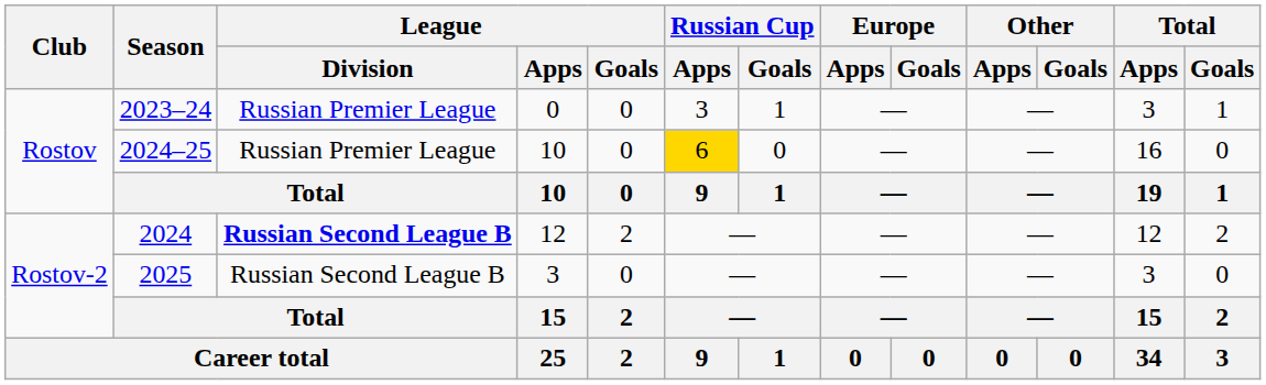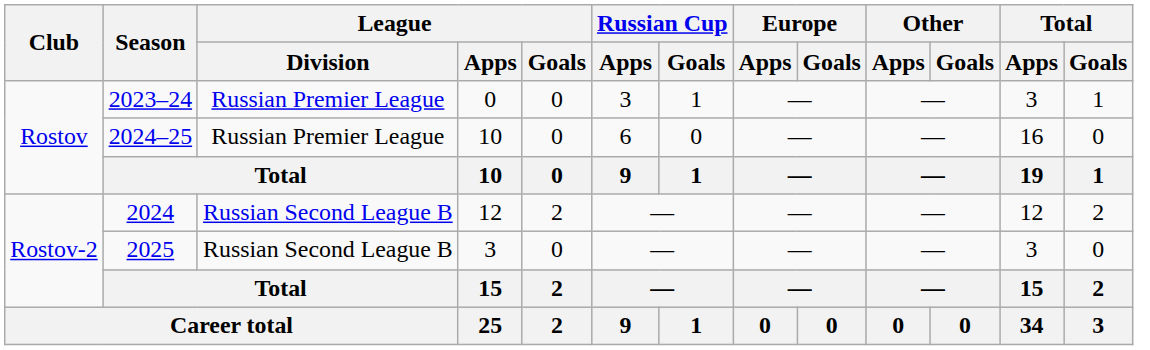 <table class="wikitable" style="text-align: center;">
 <tr>
 <th rowspan="2">Club</th>
 <th rowspan="2">Season</th>
 <th colspan="3">League</th>
 <th colspan="2"><a href='#'>Russian Cup</a></th>
 <th colspan="2">Europe</th>
 <th colspan="2">Other</th>
 <th colspan="2">Total</th>
 </tr>
 <tr>
 <th>Division</th>
 <th>Apps</th>
 <th>Goals</th>
 <th>Apps</th>
 <th>Goals</th>
 <th>Apps</th>
 <th>Goals</th>
 <th>Apps</th>
 <th>Goals</th>
 <th>Apps</th>
 <th>Goals</th>
 </tr>
 <tr>
 <td rowspan="3"><a href='#'>Rostov</a></td>
 <td><a href='#'>2023–24</a></td>
 <td><a href='#'>Russian Premier League</a></td>
 <td>0</td>
 <td>0</td>
 <td>3</td>
 <td>1</td>
 <td colspan="2">—</td>
 <td colspan="2">—</td>
 <td>3</td>
 <td>1</td>
 </tr>
 <tr>
 <td><a href='#'>2024–25</a></td>
 <td>Russian Premier League</td>
 <td>10</td>
 <td>0</td>
-<td style="background: gold;">6</td>
+<td>6</td>
 <td>0</td>
 <td colspan="2">—</td>
 <td colspan="2">—</td>
 <td>16</td>
 <td>0</td>
 </tr>
 <tr>
 <th colspan="2">Total</th>
 <th>10</th>
 <th>0</th>
 <th>9</th>
 <th>1</th>
 <th colspan="2">—</th>
 <th colspan="2">—</th>
 <th>19</th>
 <th>1</th>
 </tr>
 <tr>
 <td rowspan="3"><a href='#'>Rostov-2</a></td>
 <td><a href='#'>2024</a></td>
-<td><strong><a href='#'>Russian Second League B</a></strong></td>
+<td><a href='#'>Russian Second League B</a></td>
 <td>12</td>
 <td>2</td>
 <td colspan="2">—</td>
 <td colspan="2">—</td>
 <td colspan="2">—</td>
 <td>12</td>
 <td>2</td>
 </tr>
 <tr>
 <td><a href='#'>2025</a></td>
 <td>Russian Second League B</td>
 <td>3</td>
 <td>0</td>
 <td colspan="2">—</td>
 <td colspan="2">—</td>
 <td colspan="2">—</td>
 <td>3</td>
 <td>0</td>
 </tr>
 <tr>
 <th colspan="2">Total</th>
 <th>15</th>
 <th>2</th>
 <th colspan="2">—</th>
 <th colspan="2">—</th>
 <th colspan="2">—</th>
 <th>15</th>
 <th>2</th>
 </tr>
 <tr>
 <th colspan="3">Career total</th>
 <th>25</th>
 <th>2</th>
 <th>9</th>
 <th>1</th>
 <th>0</th>
 <th>0</th>
 <th>0</th>
 <th>0</th>
 <th>34</th>
 <th>3</th>
 </tr>
 </table>
